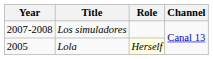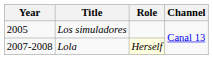 <table class="wikitable">
 <tr>
 <th>Year</th>
 <th>Title</th>
 <th>Role</th>
 <th>Channel</th>
 </tr>
 <tr>
-<td>2007-2008</td>
+<td>2005</td>
 <td><em>Los simuladores</em></td>
 <td></td>
 <td rowspan="2"><a href='#'>Canal 13</a></td>
 </tr>
 <tr>
-<td>2005</td>
+<td>2007-2008</td>
 <td><em>Lola</em></td>
 <td style="background: lightyellow;"><em>Herself</em></td>
 </tr>
 </table>
